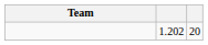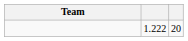 <table class="wikitable">
 <tr>
 <th width=210>Team</th>
 <th></th>
 <th></th>
 </tr>
 <tr>
 <td><strong></strong></td>
-<td align=right>1.202</td>
+<td align=right>1.222</td>
 <td align=center>20</td>
 </tr>
 </table>
